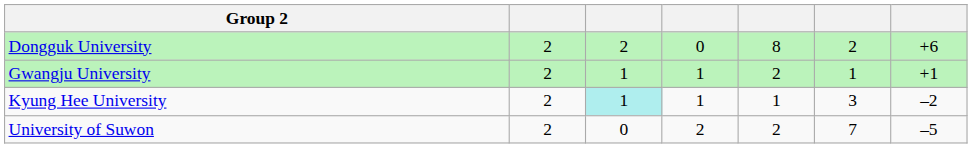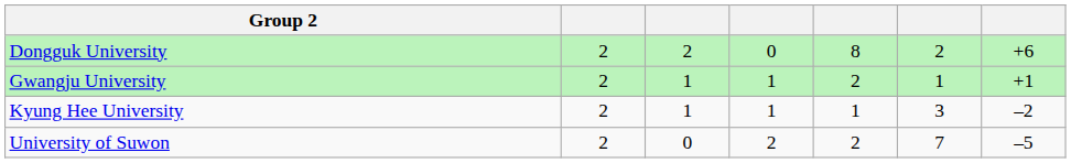 <table class="wikitable" style="text-align:center; width:100%;">
 <tr>
 <th width=240>Group 2</th>
 <th width=30></th>
 <th width=30></th>
 <th width=30></th>
 <th width=30></th>
 <th width=30></th>
 <th width=30></th>
 </tr>
 <tr bgcolor=#BBF3BB>
 <td align=left><a href='#'>Dongguk University</a></td>
 <td>2</td>
 <td>2</td>
 <td>0</td>
 <td>8</td>
 <td>2</td>
 <td>+6</td>
 </tr>
 <tr bgcolor=#BBF3BB>
 <td align=left><a href='#'>Gwangju University</a></td>
 <td>2</td>
 <td>1</td>
 <td>1</td>
 <td>2</td>
 <td>1</td>
 <td>+1</td>
 </tr>
 <tr>
 <td align=left><a href='#'>Kyung Hee University</a></td>
 <td>2</td>
-<td style="background: paleturquoise;">1</td>
+<td>1</td>
 <td>1</td>
 <td>1</td>
 <td>3</td>
 <td>–2</td>
 </tr>
 <tr>
 <td align=left><a href='#'>University of Suwon</a></td>
 <td>2</td>
 <td>0</td>
 <td>2</td>
 <td>2</td>
 <td>7</td>
 <td>–5</td>
 </tr>
 </table>
